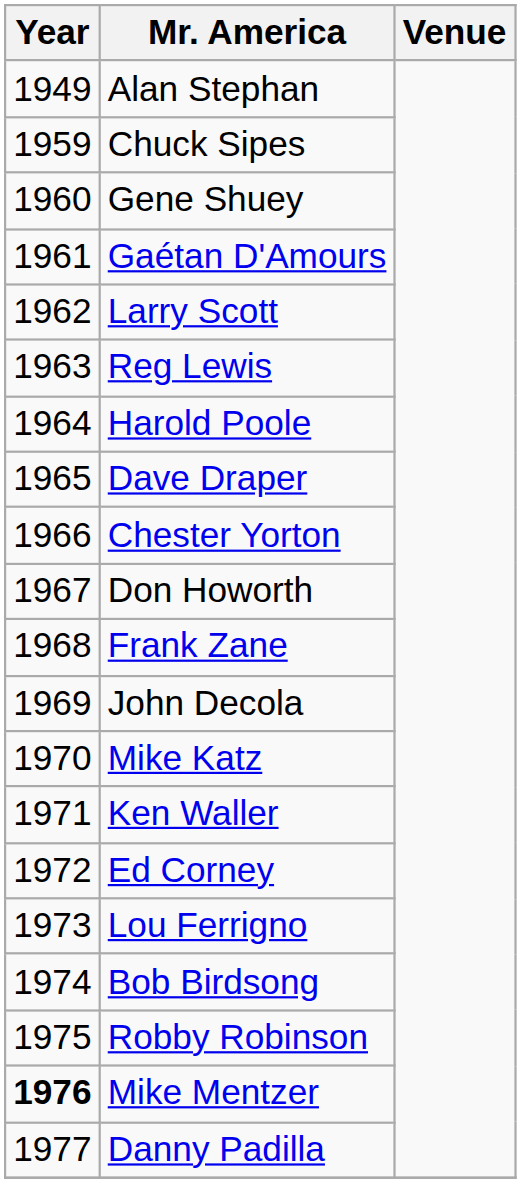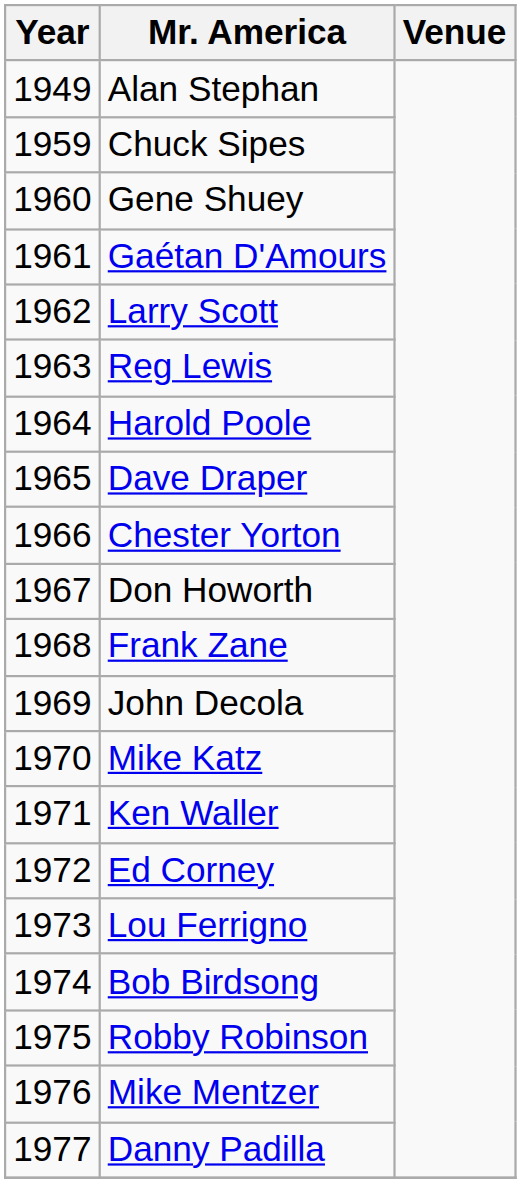 <table class="wikitable">
 <tr>
 <th>Year</th>
 <th>Mr. America</th>
 <th>Venue</th>
 </tr>
 <tr>
 <td>1949</td>
 <td>Alan Stephan</td>
 <td rowspan=20 colspan=1></td>
 </tr>
 <tr>
 <td>1959</td>
 <td>Chuck Sipes</td>
 </tr>
 <tr>
 <td>1960</td>
 <td>Gene Shuey</td>
 </tr>
 <tr>
 <td>1961</td>
 <td><a href='#'>Gaétan D'Amours</a></td>
 </tr>
 <tr>
 <td>1962</td>
 <td><a href='#'>Larry Scott</a></td>
 </tr>
 <tr>
 <td>1963</td>
 <td><a href='#'>Reg Lewis</a></td>
 </tr>
 <tr>
 <td>1964</td>
 <td><a href='#'>Harold Poole</a></td>
 </tr>
 <tr>
 <td>1965</td>
 <td><a href='#'>Dave Draper</a></td>
 </tr>
 <tr>
 <td>1966</td>
 <td><a href='#'>Chester Yorton</a></td>
 </tr>
 <tr>
 <td>1967</td>
 <td>Don Howorth</td>
 </tr>
 <tr>
 <td>1968</td>
 <td><a href='#'>Frank Zane</a></td>
 </tr>
 <tr>
 <td>1969</td>
 <td>John Decola</td>
 </tr>
 <tr>
 <td>1970</td>
 <td><a href='#'>Mike Katz</a></td>
 </tr>
 <tr>
 <td>1971</td>
 <td><a href='#'>Ken Waller</a></td>
 </tr>
 <tr>
 <td>1972</td>
 <td><a href='#'>Ed Corney</a></td>
 </tr>
 <tr>
 <td>1973</td>
 <td><a href='#'>Lou Ferrigno</a></td>
 </tr>
 <tr>
 <td>1974</td>
 <td><a href='#'>Bob Birdsong</a></td>
 </tr>
 <tr>
 <td>1975</td>
 <td><a href='#'>Robby Robinson</a></td>
 </tr>
 <tr>
-<td><strong>1976</strong></td>
+<td>1976</td>
 <td><a href='#'>Mike Mentzer</a></td>
 </tr>
 <tr>
 <td>1977</td>
 <td><a href='#'>Danny Padilla</a></td>
 </tr>
 <tr>
 </tr>
 </table>
